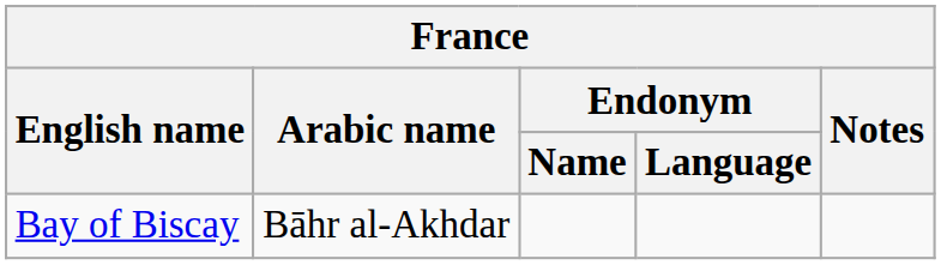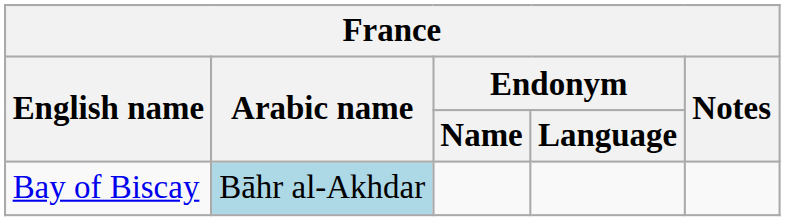 <table class="wikitable sortable">
 <tr>
 <th colspan="5">France</th>
 </tr>
 <tr>
 <th rowspan="2">English name</th>
 <th rowspan="2">Arabic name</th>
 <th colspan="2">Endonym</th>
 <th rowspan="2">Notes</th>
 </tr>
 <tr>
 <th>Name</th>
 <th>Language</th>
 </tr>
 <tr>
 <td><a href='#'>Bay of Biscay</a></td>
-<td>Bāhr al-Akhdar</td>
+<td style="background: lightblue;">Bāhr al-Akhdar</td>
 <td></td>
 <td></td>
 </tr>
 </table>
